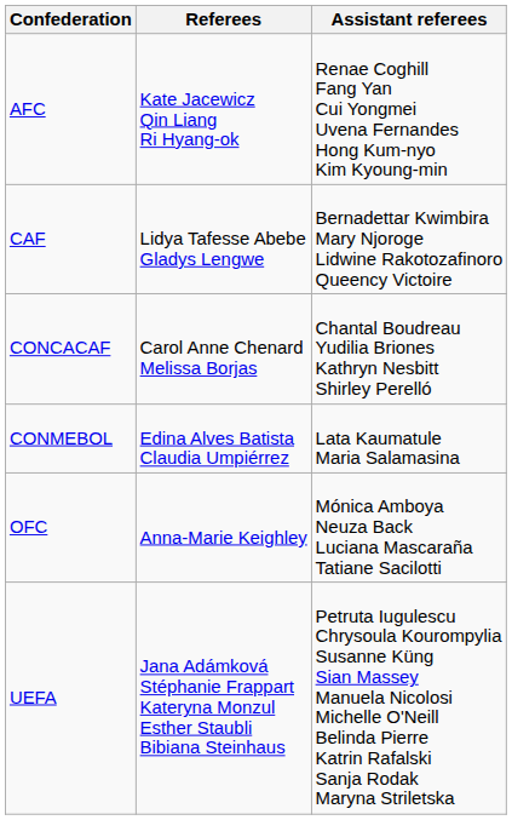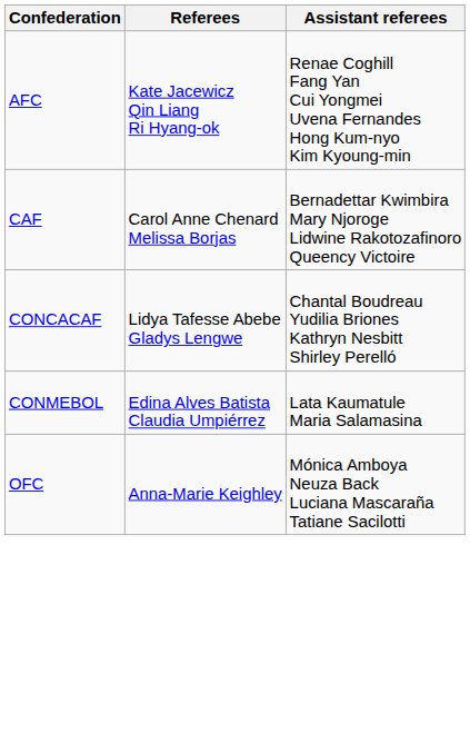 <table class="wikitable">
 <tr>
 <th>Confederation</th>
 <th>Referees</th>
 <th>Assistant referees</th>
 </tr>
 <tr>
 <td><a href='#'>AFC</a></td>
 <td><br> <a href='#'>Kate Jacewicz</a><br>  <a href='#'>Qin Liang</a><br>  <a href='#'>Ri Hyang-ok</a></td>
 <td><br> Renae Coghill<br>  Fang Yan<br>  Cui Yongmei<br>  Uvena Fernandes<br>  Hong Kum-nyo<br>  Kim Kyoung-min</td>
 </tr>
 <tr>
 <td><a href='#'>CAF</a></td>
-<td><br> Lidya Tafesse Abebe<br>  <a href='#'>Gladys Lengwe</a></td>
+<td><br>  Carol Anne Chenard<br>  <a href='#'>Melissa Borjas</a></td>
 <td><br> Bernadettar Kwimbira<br>  Mary Njoroge<br>  Lidwine Rakotozafinoro<br>  Queency Victoire</td>
 </tr>
 <tr>
 <td><a href='#'>CONCACAF</a></td>
-<td><br>  Carol Anne Chenard<br>  <a href='#'>Melissa Borjas</a></td>
+<td><br> Lidya Tafesse Abebe<br>  <a href='#'>Gladys Lengwe</a></td>
 <td><br> Chantal Boudreau<br>  Yudilia Briones<br>  Kathryn Nesbitt<br>  Shirley Perelló</td>
 </tr>
 <tr>
 <td><a href='#'>CONMEBOL</a></td>
 <td><br> <a href='#'>Edina Alves Batista</a><br>  <a href='#'>Claudia Umpiérrez</a></td>
 <td><br> Lata Kaumatule<br>  Maria Salamasina</td>
 </tr>
 <tr>
 <td><a href='#'>OFC</a></td>
 <td><br> <a href='#'>Anna-Marie Keighley</a></td>
 <td><br> Mónica Amboya<br>  Neuza Back<br>  Luciana Mascaraña <br>  Tatiane Sacilotti</td>
 </tr>
-<tr>
-<td><a href='#'>UEFA</a></td>
-<td><br> <a href='#'>Jana Adámková</a><br>  <a href='#'>Stéphanie Frappart</a><br>  <a href='#'>Kateryna Monzul</a><br>  <a href='#'>Esther Staubli</a><br>  <a href='#'>Bibiana Steinhaus</a></td>
-<td><br> Petruta Iugulescu<br>  Chrysoula Kourompylia<br>  Susanne Küng<br>  <a href='#'>Sian Massey</a><br>  Manuela Nicolosi<br>  Michelle O'Neill<br>  Belinda Pierre<br>  Katrin Rafalski <br>  Sanja Rodak<br>  Maryna Striletska</td>
-</tr>
 </table>
